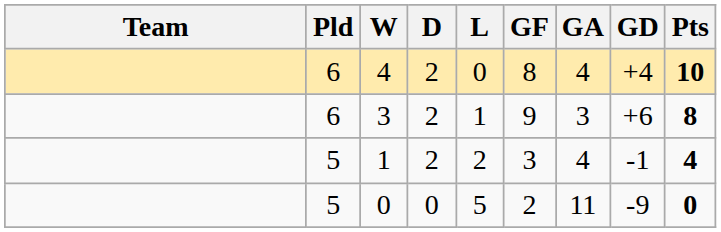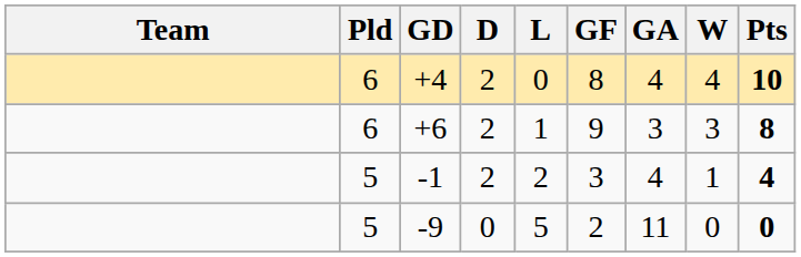 <table class="wikitable" style="text-align:center">
 <tr>
 <th width=165>Team</th>
 <th width=20>Pld</th>
-<th width=20>W</th>
+<th width=20>GD</th>
 <th width=20>D</th>
 <th width=20>L</th>
 <th width=20>GF</th>
 <th width=20>GA</th>
-<th width=20>GD</th>
+<th width=20>W</th>
 <th width=20>Pts</th>
 </tr>
 <tr bgcolor="#ffebad">
 <td align="left"></td>
 <td>6</td>
-<td>4</td>
+<td>+4</td>
 <td>2</td>
 <td>0</td>
 <td>8</td>
 <td>4</td>
-<td>+4</td>
+<td>4</td>
 <td><strong>10</strong></td>
 </tr>
 <tr>
 <td align="left"></td>
 <td>6</td>
-<td>3</td>
+<td>+6</td>
 <td>2</td>
 <td>1</td>
 <td>9</td>
 <td>3</td>
-<td>+6</td>
+<td>3</td>
 <td><strong>8</strong></td>
 </tr>
 <tr>
 <td align="left"></td>
 <td>5</td>
-<td>1</td>
+<td>-1</td>
 <td>2</td>
 <td>2</td>
 <td>3</td>
 <td>4</td>
-<td>-1</td>
+<td>1</td>
 <td><strong>4</strong></td>
 </tr>
 <tr>
 <td align="left"></td>
 <td>5</td>
-<td>0</td>
+<td>-9</td>
 <td>0</td>
 <td>5</td>
 <td>2</td>
 <td>11</td>
-<td>-9</td>
+<td>0</td>
 <td><strong>0</strong></td>
 </tr>
 </table>
